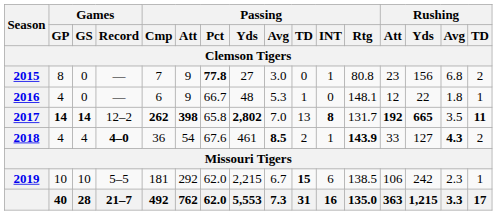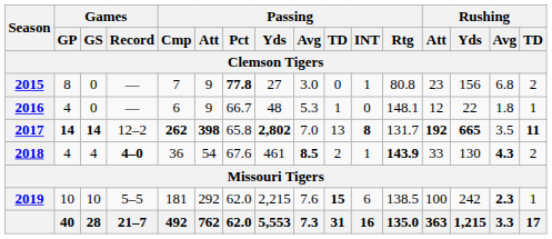 <table class="wikitable" style="text-align:center;">
 <tr>
 <th rowspan="2">Season</th>
 <th colspan="3">Games</th>
 <th colspan="8">Passing</th>
 <th colspan="4">Rushing</th>
 </tr>
 <tr>
 <th>GP</th>
 <th>GS</th>
 <th>Record</th>
 <th>Cmp</th>
 <th>Att</th>
 <th>Pct</th>
 <th>Yds</th>
 <th>Avg</th>
 <th>TD</th>
 <th>INT</th>
 <th>Rtg</th>
 <th>Att</th>
 <th>Yds</th>
 <th>Avg</th>
 <th>TD</th>
 </tr>
 <tr>
 <th colspan="16">Clemson Tigers</th>
 </tr>
 <tr>
 <th><a href='#'>2015</a></th>
 <td>8</td>
 <td>0</td>
 <td>—</td>
 <td>7</td>
 <td>9</td>
 <td><strong>77.8</strong></td>
 <td>27</td>
 <td>3.0</td>
 <td>0</td>
 <td>1</td>
 <td>80.8</td>
 <td>23</td>
 <td>156</td>
 <td>6.8</td>
 <td>2</td>
 </tr>
 <tr>
 <th><a href='#'>2016</a></th>
 <td>4</td>
 <td>0</td>
 <td>—</td>
 <td>6</td>
 <td>9</td>
 <td>66.7</td>
 <td>48</td>
 <td>5.3</td>
 <td>1</td>
 <td>0</td>
 <td>148.1</td>
 <td>12</td>
 <td>22</td>
 <td>1.8</td>
 <td>1</td>
 </tr>
 <tr>
 <th><a href='#'>2017</a></th>
 <td><strong>14</strong></td>
 <td><strong>14</strong></td>
 <td>12–2</td>
 <td><strong>262</strong></td>
 <td><strong>398</strong></td>
 <td>65.8</td>
 <td><strong>2,802</strong></td>
 <td>7.0</td>
 <td>13</td>
 <td><strong>8</strong></td>
 <td>131.7</td>
 <td><strong>192</strong></td>
 <td><strong>665</strong></td>
 <td>3.5</td>
 <td><strong>11</strong></td>
 </tr>
 <tr>
 <th><a href='#'>2018</a></th>
 <td>4</td>
 <td>4</td>
 <td><strong>4–0</strong></td>
 <td>36</td>
 <td>54</td>
 <td>67.6</td>
 <td>461</td>
 <td><strong>8.5</strong></td>
 <td>2</td>
 <td>1</td>
 <td><strong>143.9</strong></td>
 <td>33</td>
-<td>127</td>
+<td>130</td>
 <td><strong>4.3</strong></td>
 <td>2</td>
 </tr>
 <tr>
 <th colspan="16">Missouri Tigers</th>
 </tr>
 <tr>
 <th><a href='#'>2019</a></th>
 <td>10</td>
 <td>10</td>
 <td>5–5</td>
 <td>181</td>
 <td>292</td>
 <td>62.0</td>
 <td>2,215</td>
-<td>6.7</td>
+<td>7.6</td>
 <td><strong>15</strong></td>
 <td>6</td>
 <td>138.5</td>
-<td>106</td>
+<td>100</td>
 <td>242</td>
-<td>2.3</td>
+<td><strong>2.3</strong></td>
 <td>1</td>
 </tr>
 <tr>
 <th></th>
 <th>40</th>
 <th>28</th>
 <th>21–7</th>
 <th>492</th>
 <th>762</th>
 <th>62.0</th>
 <th>5,553</th>
 <th>7.3</th>
 <th>31</th>
 <th>16</th>
 <th>135.0</th>
 <th>363</th>
 <th>1,215</th>
 <th>3.3</th>
 <th>17</th>
 </tr>
 </table>
